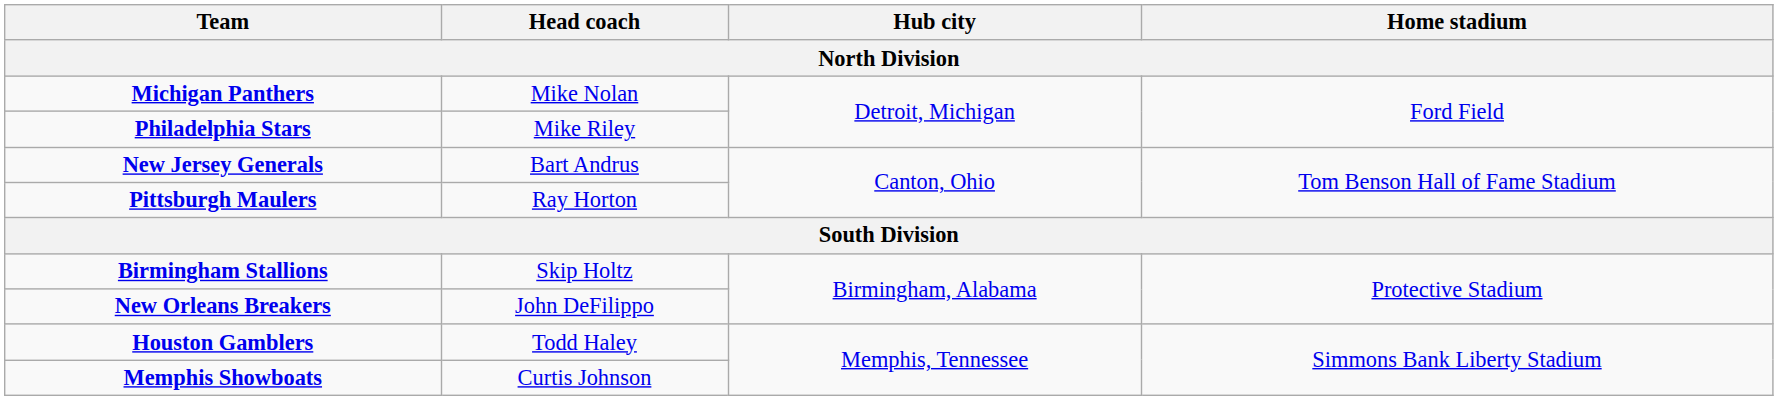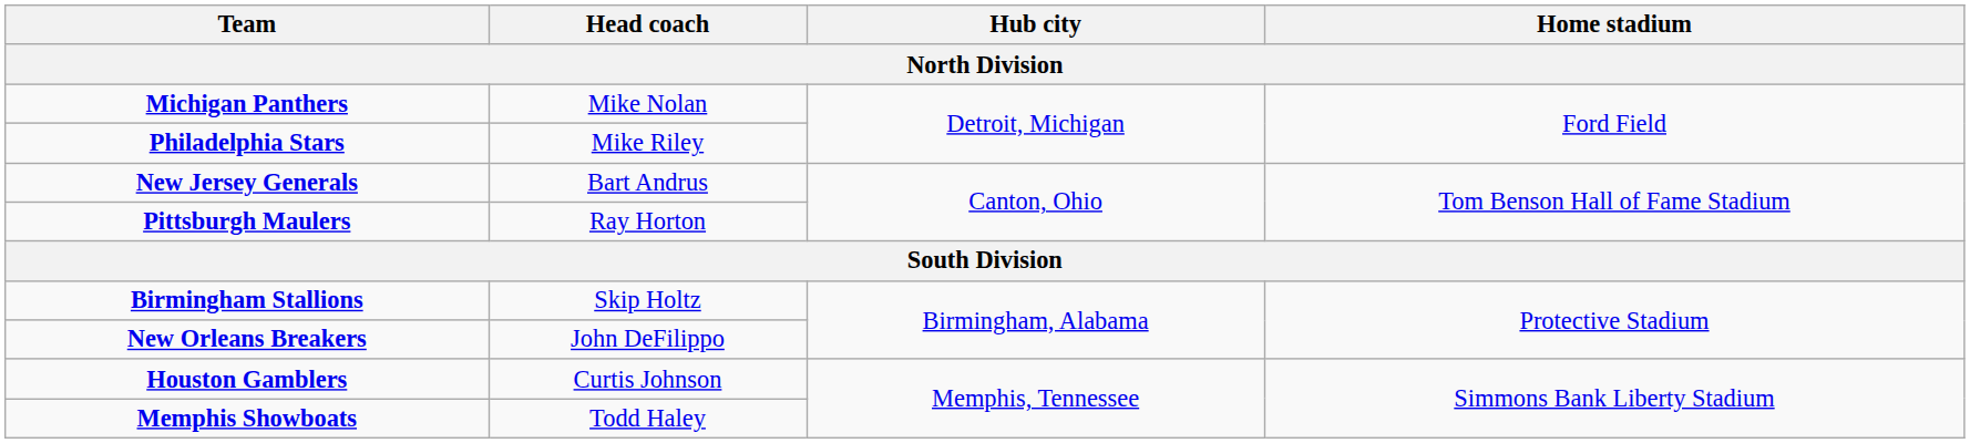 <table class="wikitable" style="width:100%">
 <tr>
 <th>Team</th>
 <th>Head coach</th>
 <th>Hub city</th>
 <th>Home stadium</th>
 </tr>
 <tr>
 <th colspan="4" style="text-align:center;">North Division</th>
 </tr>
 <tr style="text-align:center;">
 <td style="text-align:center;"><a href='#'><strong>Michigan Panthers</strong></a></td>
 <td style="text-align:center;"><a href='#'>Mike Nolan</a></td>
 <td style="text-align:center;" rowspan=2><a href='#'>Detroit, Michigan</a></td>
 <td style="text-align:center;" rowspan=2><a href='#'>Ford Field</a></td>
 </tr>
 <tr>
 <td style="text-align:center;"><a href='#'><strong>Philadelphia Stars</strong></a></td>
 <td style="text-align:center;"><a href='#'>Mike Riley</a></td>
 </tr>
 <tr>
 <td style="text-align:center;"><a href='#'><strong>New Jersey Generals</strong></a></td>
 <td style="text-align:center;"><a href='#'>Bart Andrus</a></td>
 <td style="text-align:center;" rowspan=2><a href='#'>Canton, Ohio</a></td>
 <td style="text-align:center;" rowspan=2><a href='#'>Tom Benson Hall of Fame Stadium</a></td>
 </tr>
 <tr>
 <td style="text-align:center;"><a href='#'><strong>Pittsburgh Maulers</strong></a></td>
 <td style="text-align:center;"><a href='#'>Ray Horton</a></td>
 </tr>
 <tr>
 <th colspan="4" style="text-align:center;">South Division</th>
 </tr>
 <tr style="text-align:center;">
 <td style="text-align:center;"><a href='#'><strong>Birmingham Stallions</strong></a></td>
 <td style="text-align:center;"><a href='#'>Skip Holtz</a></td>
 <td style="text-align:center;" rowspan=2><a href='#'>Birmingham, Alabama</a></td>
 <td style="text-align:center;" rowspan=2><a href='#'>Protective Stadium</a></td>
 </tr>
 <tr>
 <td style="text-align:center;"><a href='#'><strong>New Orleans Breakers</strong></a></td>
 <td style="text-align:center;"><a href='#'>John DeFilippo</a></td>
 </tr>
 <tr>
 <td style="text-align:center;"><a href='#'><strong>Houston Gamblers</strong></a></td>
-<td style="text-align:center;"><a href='#'>Todd Haley</a></td>
+<td style="text-align:center;"><a href='#'>Curtis Johnson</a></td>
 <td style="text-align:center;" rowspan=2><a href='#'>Memphis, Tennessee</a></td>
 <td style="text-align:center;" rowspan=2><a href='#'>Simmons Bank Liberty Stadium</a></td>
 </tr>
 <tr>
 <td style="text-align:center;"><a href='#'><strong>Memphis Showboats</strong></a></td>
-<td style="text-align:center;"><a href='#'>Curtis Johnson</a></td>
+<td style="text-align:center;"><a href='#'>Todd Haley</a></td>
 </tr>
 </table>
